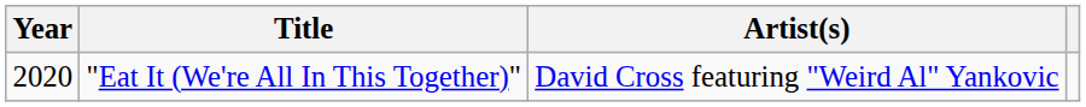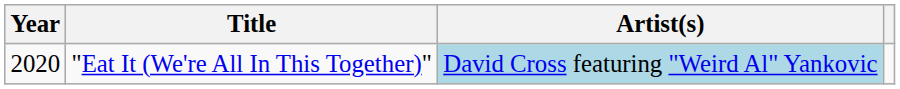 <table class="wikitable sortable">
 <tr>
 <th>Year</th>
 <th>Title</th>
 <th>Artist(s)</th>
 <th class="unsortable"></th>
 </tr>
 <tr>
 <td>2020</td>
 <td>"<a href='#'>Eat It (We're All In This Together)</a>"</td>
-<td><a href='#'>David Cross</a> featuring <a href='#'>"Weird Al" Yankovic</a></td>
+<td style="background: lightblue;"><a href='#'>David Cross</a> featuring <a href='#'>"Weird Al" Yankovic</a></td>
 <td></td>
 </tr>
 </table>
